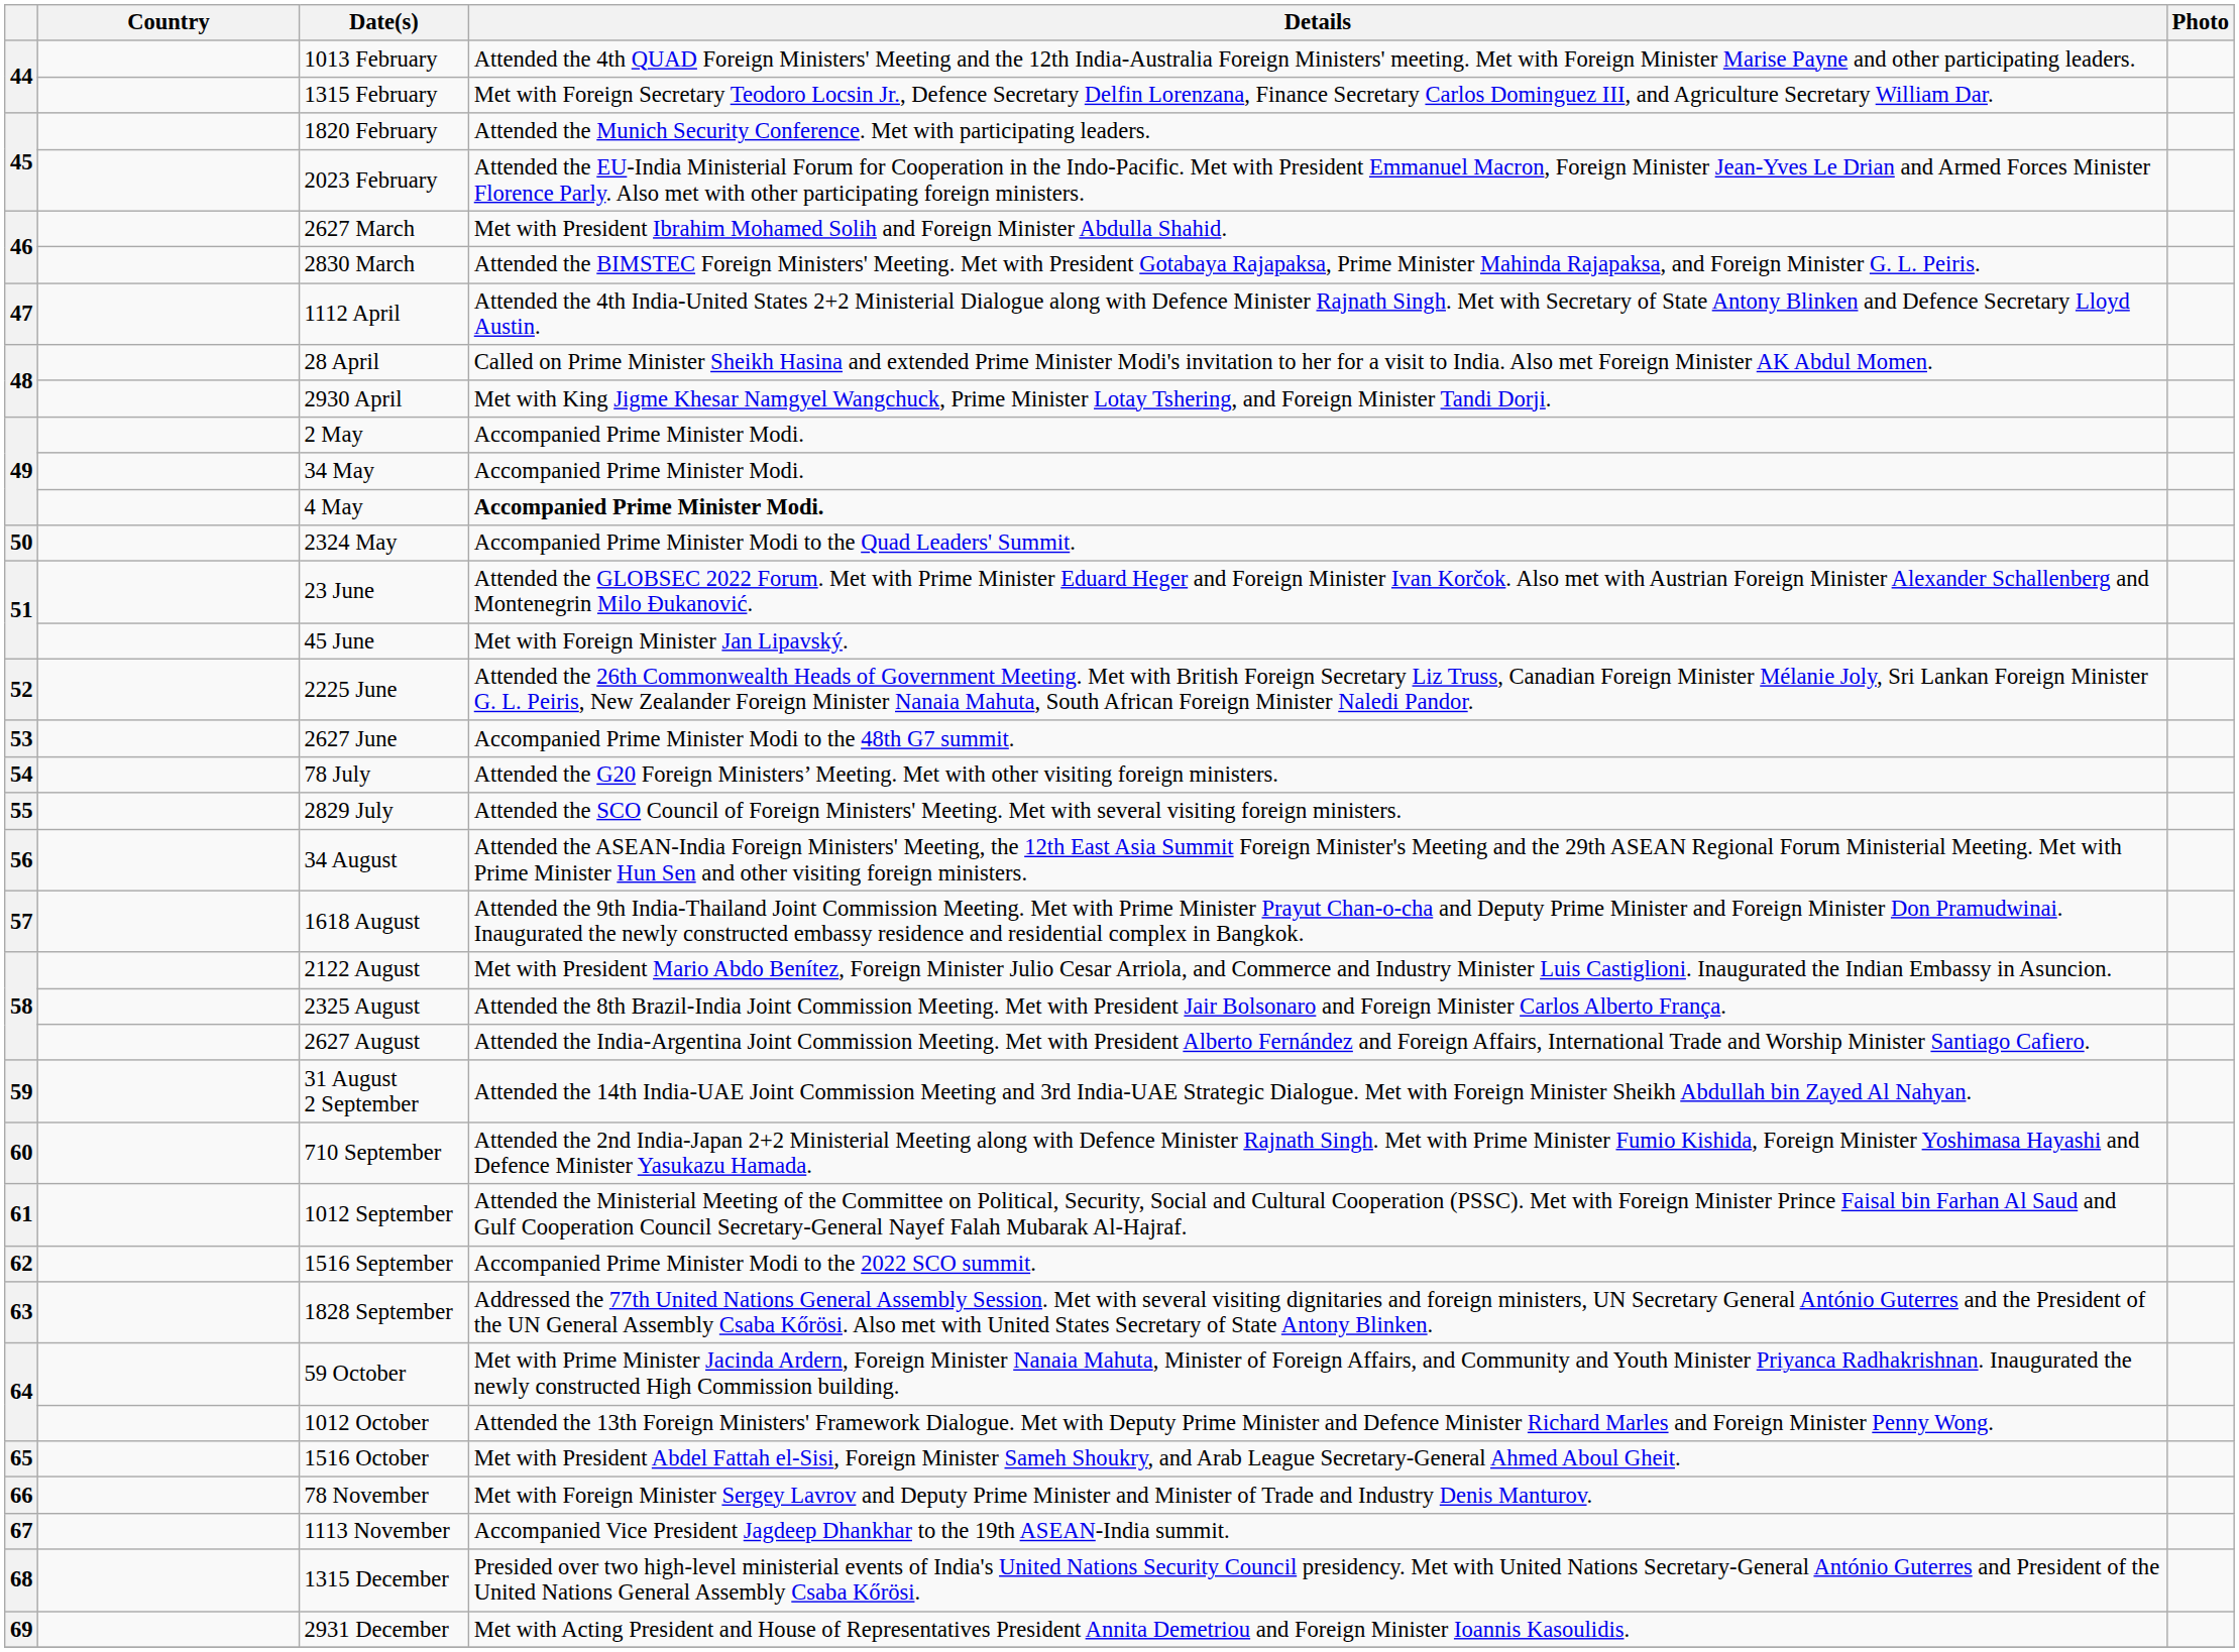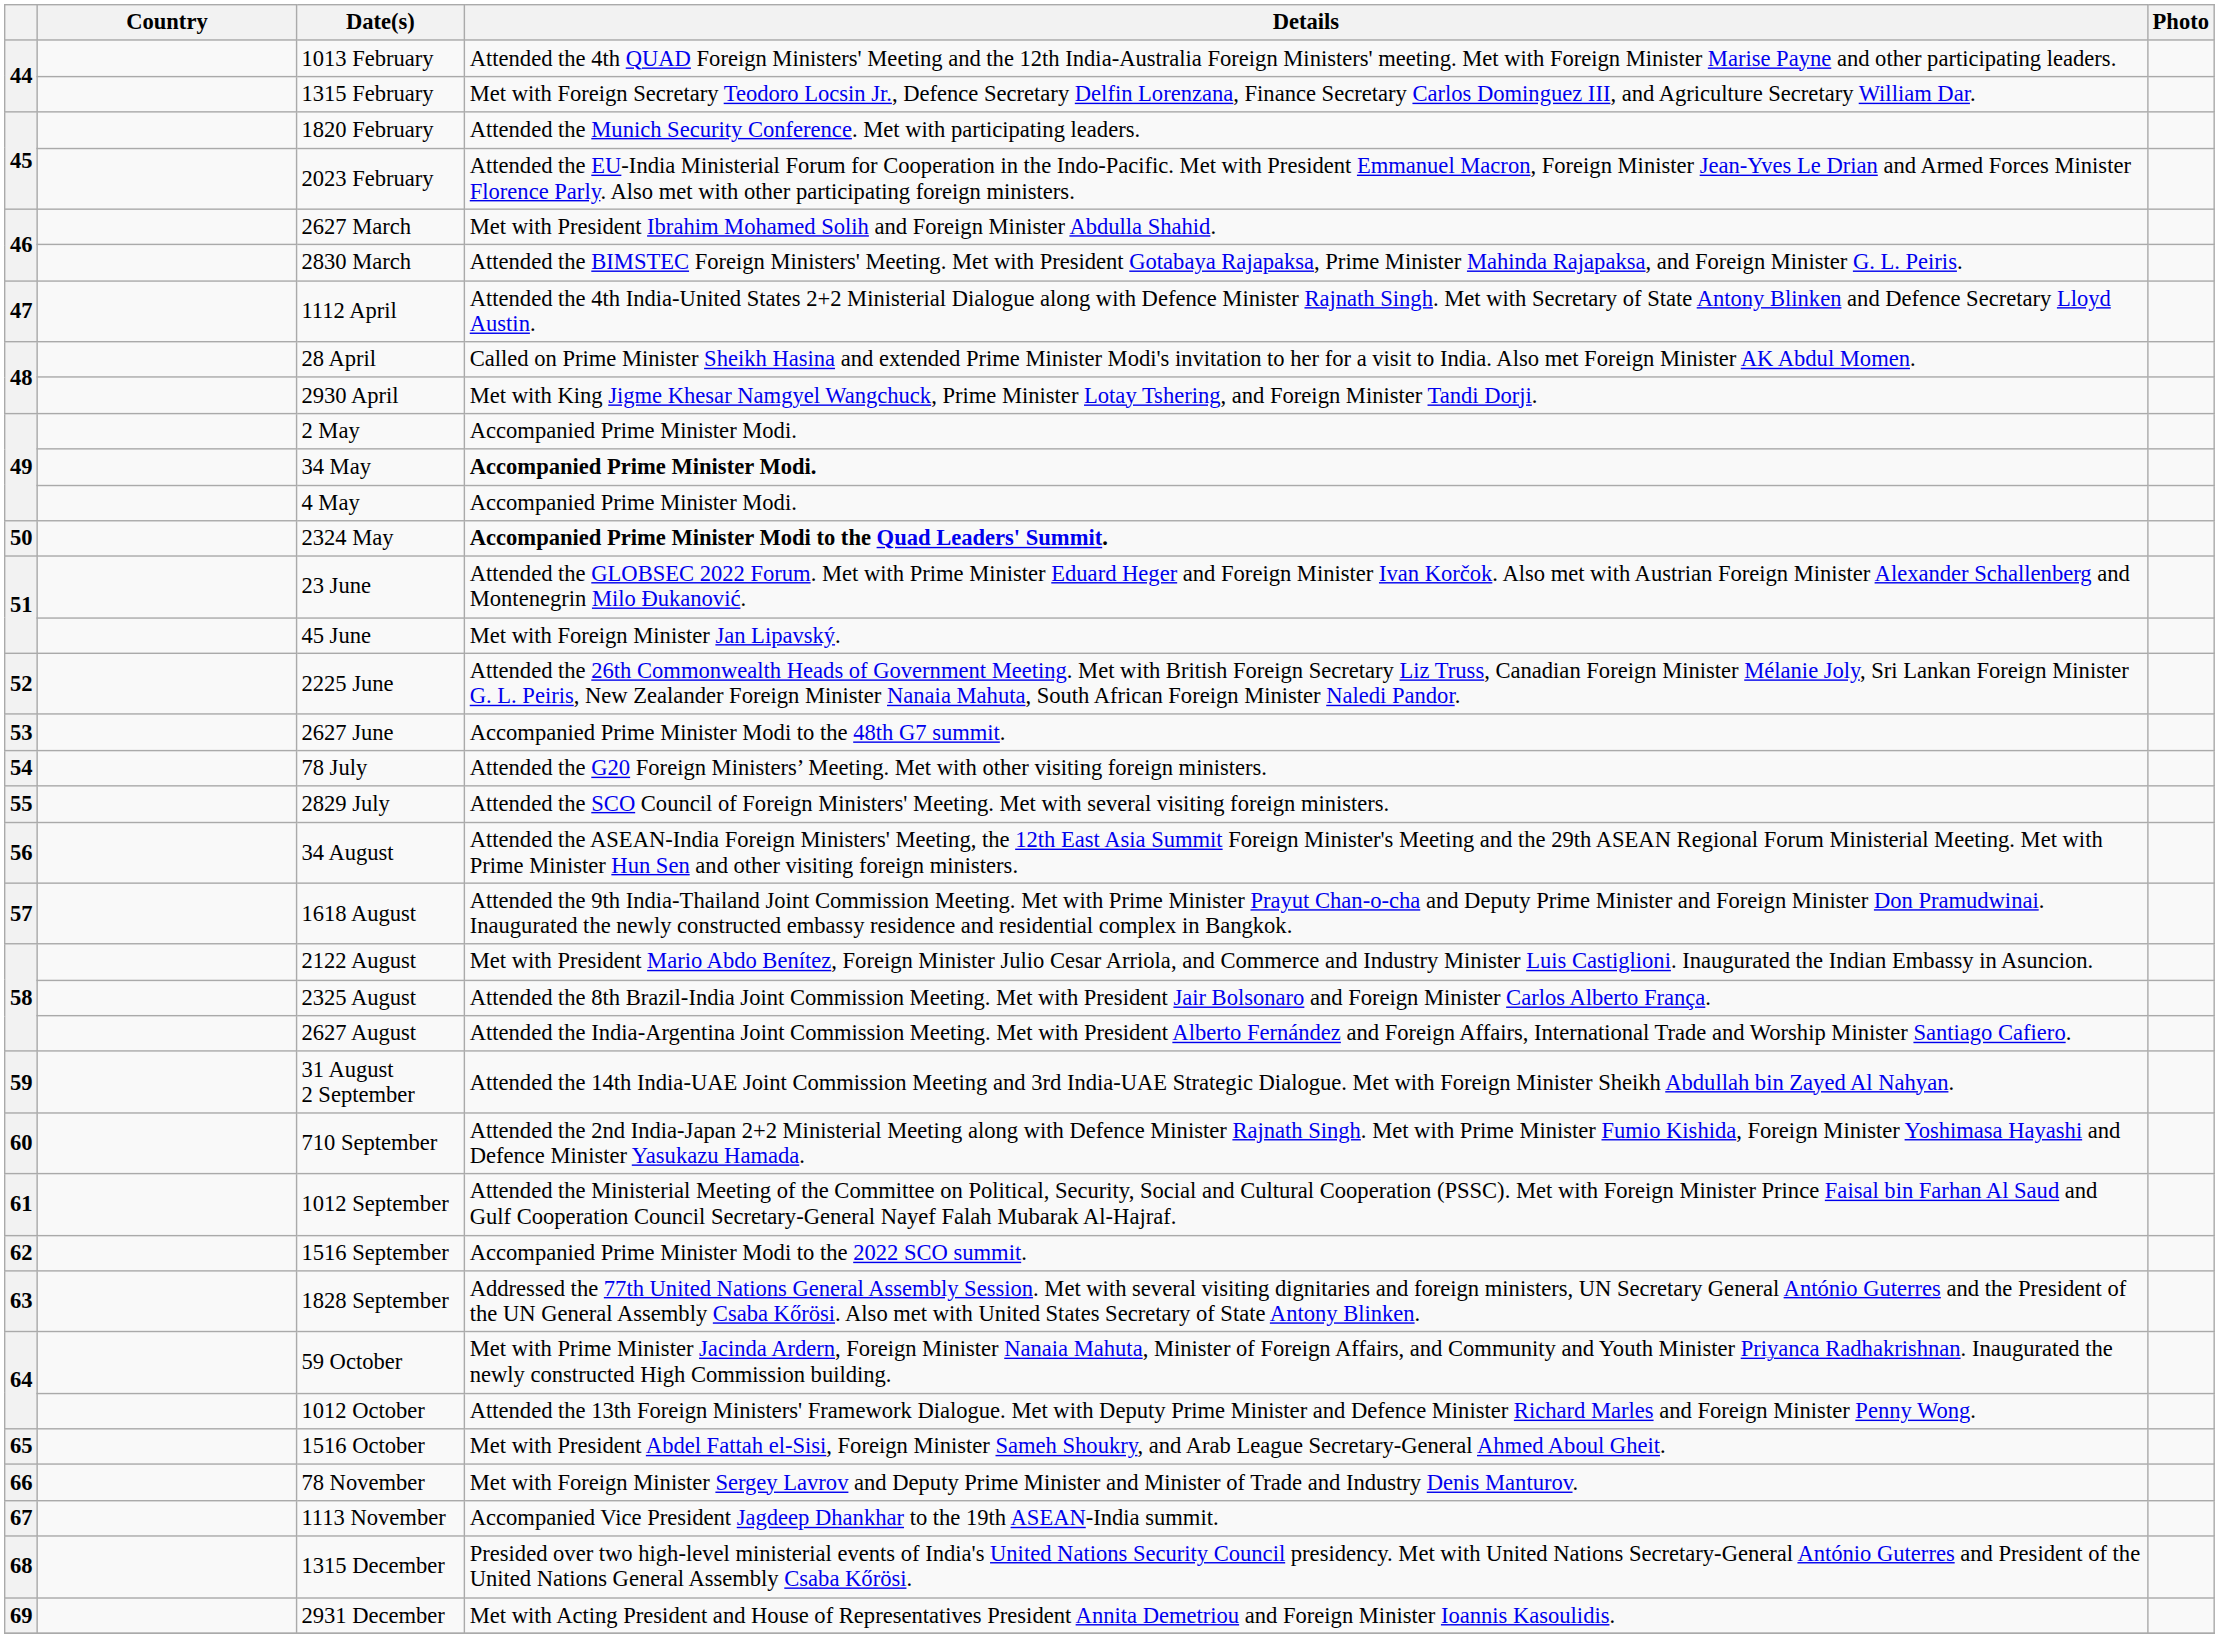 <table class="wikitable outercollapse sortable">
 <tr>
 <th></th>
 <th style="width:11em">Country</th>
 <th style="width:7em">Date(s)</th>
 <th class="unsortable">Details</th>
 <th>Photo</th>
 </tr>
 <tr>
 <th rowspan="2">44</th>
 <td></td>
 <td>1013 February</td>
 <td>Attended the 4th <a href='#'>QUAD</a> Foreign Ministers' Meeting and the 12th India-Australia Foreign Ministers' meeting. Met with Foreign Minister <a href='#'>Marise Payne</a> and other participating leaders.</td>
 <td></td>
 </tr>
 <tr>
 <td></td>
 <td>1315 February</td>
 <td>Met with Foreign Secretary <a href='#'>Teodoro Locsin Jr.</a>, Defence Secretary <a href='#'>Delfin Lorenzana</a>, Finance Secretary <a href='#'>Carlos Dominguez III</a>, and Agriculture Secretary <a href='#'>William Dar</a>.</td>
 <td></td>
 </tr>
 <tr>
 <th rowspan="2">45</th>
 <td></td>
 <td>1820 February</td>
 <td>Attended the <a href='#'>Munich Security Conference</a>. Met with participating leaders.</td>
 <td></td>
 </tr>
 <tr>
 <td></td>
 <td>2023 February</td>
 <td>Attended the <a href='#'>EU</a>-India Ministerial Forum for Cooperation in the Indo-Pacific. Met with President <a href='#'>Emmanuel Macron</a>, Foreign Minister <a href='#'>Jean-Yves Le Drian</a> and Armed Forces Minister <a href='#'>Florence Parly</a>. Also met with other participating foreign ministers.</td>
 <td></td>
 </tr>
 <tr>
 <th rowspan="2">46</th>
 <td></td>
 <td>2627 March</td>
 <td>Met with President <a href='#'>Ibrahim Mohamed Solih</a> and Foreign Minister <a href='#'>Abdulla Shahid</a>.</td>
 <td></td>
 </tr>
 <tr>
 <td></td>
 <td>2830 March</td>
 <td>Attended the <a href='#'>BIMSTEC</a> Foreign Ministers' Meeting. Met with President <a href='#'>Gotabaya Rajapaksa</a>, Prime Minister <a href='#'>Mahinda Rajapaksa</a>, and Foreign Minister <a href='#'>G. L. Peiris</a>.</td>
 <td></td>
 </tr>
 <tr>
 <th>47</th>
 <td></td>
 <td>1112 April</td>
 <td>Attended the 4th India-United States 2+2 Ministerial Dialogue along with Defence Minister <a href='#'>Rajnath Singh</a>. Met with Secretary of State <a href='#'>Antony Blinken</a> and Defence Secretary <a href='#'>Lloyd Austin</a>.</td>
 <td></td>
 </tr>
 <tr>
 <th rowspan="2">48</th>
 <td></td>
 <td>28 April</td>
 <td>Called on Prime Minister <a href='#'>Sheikh Hasina</a> and extended Prime Minister Modi's invitation to her for a visit to India. Also met Foreign Minister <a href='#'>AK Abdul Momen</a>.</td>
 <td></td>
 </tr>
 <tr>
 <td></td>
 <td>2930 April</td>
 <td>Met with King <a href='#'>Jigme Khesar Namgyel Wangchuck</a>, Prime Minister <a href='#'>Lotay Tshering</a>, and Foreign Minister <a href='#'>Tandi Dorji</a>.</td>
 <td></td>
 </tr>
 <tr>
 <th rowspan="3">49</th>
 <td></td>
 <td>2 May</td>
 <td>Accompanied Prime Minister Modi.</td>
 <td></td>
 </tr>
 <tr>
 <td></td>
 <td>34 May</td>
-<td>Accompanied Prime Minister Modi.</td>
+<td><strong>Accompanied Prime Minister Modi.</strong></td>
 <td></td>
 </tr>
 <tr>
 <td></td>
 <td>4 May</td>
-<td><strong>Accompanied Prime Minister Modi.</strong></td>
+<td>Accompanied Prime Minister Modi.</td>
 <td></td>
 </tr>
 <tr>
 <th>50</th>
 <td></td>
 <td>2324 May</td>
-<td>Accompanied Prime Minister Modi to the <a href='#'>Quad Leaders' Summit</a>.</td>
+<td><strong>Accompanied Prime Minister Modi to the <a href='#'>Quad Leaders' Summit</a>.</strong></td>
 <td></td>
 </tr>
 <tr>
 <th rowspan="2">51</th>
 <td></td>
 <td>23 June</td>
 <td>Attended the <a href='#'>GLOBSEC 2022 Forum</a>. Met with Prime Minister <a href='#'>Eduard Heger</a> and Foreign Minister <a href='#'>Ivan Korčok</a>. Also met with Austrian Foreign Minister <a href='#'>Alexander Schallenberg</a> and Montenegrin <a href='#'>Milo Đukanović</a>.</td>
 <td></td>
 </tr>
 <tr>
 <td></td>
 <td>45 June</td>
 <td>Met with Foreign Minister <a href='#'>Jan Lipavský</a>.</td>
 <td></td>
 </tr>
 <tr>
 <th>52</th>
 <td></td>
 <td>2225 June</td>
 <td>Attended the <a href='#'>26th Commonwealth Heads of Government Meeting</a>. Met with British Foreign Secretary <a href='#'>Liz Truss</a>, Canadian Foreign Minister <a href='#'>Mélanie Joly</a>, Sri Lankan Foreign Minister <a href='#'>G. L. Peiris</a>, New Zealander Foreign Minister <a href='#'>Nanaia Mahuta</a>, South African Foreign Minister <a href='#'>Naledi Pandor</a>.</td>
 <td></td>
 </tr>
 <tr>
 <th>53</th>
 <td></td>
 <td>2627 June</td>
 <td>Accompanied Prime Minister Modi to the <a href='#'>48th G7 summit</a>.</td>
 <td></td>
 </tr>
 <tr>
 <th>54</th>
 <td></td>
 <td>78 July</td>
 <td>Attended the <a href='#'>G20</a> Foreign Ministers’ Meeting. Met with other visiting foreign ministers.</td>
 <td></td>
 </tr>
 <tr>
 <th>55</th>
 <td></td>
 <td>2829 July</td>
 <td>Attended the <a href='#'>SCO</a> Council of Foreign Ministers' Meeting. Met with several visiting foreign ministers.</td>
 <td></td>
 </tr>
 <tr>
 <th>56</th>
 <td></td>
 <td>34 August</td>
 <td>Attended the ASEAN-India Foreign Ministers' Meeting, the <a href='#'>12th East Asia Summit</a> Foreign Minister's Meeting and the 29th ASEAN Regional Forum Ministerial Meeting. Met with Prime Minister <a href='#'>Hun Sen</a> and other visiting foreign ministers.</td>
 <td></td>
 </tr>
 <tr>
 <th>57</th>
 <td></td>
 <td>1618 August</td>
 <td>Attended the 9th India-Thailand Joint Commission Meeting. Met with Prime Minister <a href='#'>Prayut Chan-o-cha</a> and Deputy Prime Minister and Foreign Minister <a href='#'>Don Pramudwinai</a>. Inaugurated the newly constructed embassy residence and residential complex in Bangkok.</td>
 <td></td>
 </tr>
 <tr>
 <th rowspan="3">58</th>
 <td></td>
 <td>2122 August</td>
 <td>Met with President <a href='#'>Mario Abdo Benítez</a>, Foreign Minister Julio Cesar Arriola, and Commerce and Industry Minister <a href='#'>Luis Castiglioni</a>. Inaugurated the Indian Embassy in Asuncion.</td>
 <td></td>
 </tr>
 <tr>
 <td></td>
 <td>2325 August</td>
 <td>Attended the 8th Brazil-India Joint Commission Meeting. Met with President <a href='#'>Jair Bolsonaro</a> and Foreign Minister <a href='#'>Carlos Alberto França</a>.</td>
 <td></td>
 </tr>
 <tr>
 <td></td>
 <td>2627 August</td>
 <td>Attended the India-Argentina Joint Commission Meeting. Met with President <a href='#'>Alberto Fernández</a> and Foreign Affairs, International Trade and Worship Minister <a href='#'>Santiago Cafiero</a>.</td>
 <td></td>
 </tr>
 <tr>
 <th>59</th>
 <td></td>
 <td>31 August<br>2 September</td>
 <td>Attended the 14th India-UAE Joint Commission Meeting and 3rd India-UAE Strategic Dialogue. Met with Foreign Minister Sheikh <a href='#'>Abdullah bin Zayed Al Nahyan</a>.</td>
 <td></td>
 </tr>
 <tr>
 <th>60</th>
 <td></td>
 <td>710 September</td>
 <td>Attended the 2nd India-Japan 2+2 Ministerial Meeting along with Defence Minister <a href='#'>Rajnath Singh</a>. Met with Prime Minister <a href='#'>Fumio Kishida</a>, Foreign Minister <a href='#'>Yoshimasa Hayashi</a> and Defence Minister <a href='#'>Yasukazu Hamada</a>.</td>
 <td></td>
 </tr>
 <tr>
 <th>61</th>
 <td></td>
 <td>1012 September</td>
 <td>Attended the Ministerial Meeting of the Committee on Political, Security, Social and Cultural Cooperation (PSSC). Met with Foreign Minister Prince <a href='#'>Faisal bin Farhan Al Saud</a> and Gulf Cooperation Council Secretary-General Nayef Falah Mubarak Al-Hajraf.</td>
 <td></td>
 </tr>
 <tr>
 <th>62</th>
 <td></td>
 <td>1516 September</td>
 <td>Accompanied Prime Minister Modi to the <a href='#'>2022 SCO summit</a>.</td>
 <td></td>
 </tr>
 <tr>
 <th>63</th>
 <td><br></td>
 <td>1828 September</td>
 <td>Addressed the <a href='#'>77th United Nations General Assembly Session</a>. Met with several visiting dignitaries and foreign ministers, UN Secretary General <a href='#'>António Guterres</a> and the President of the UN General Assembly <a href='#'>Csaba Kőrösi</a>. Also met with United States Secretary of State <a href='#'>Antony Blinken</a>.</td>
 <td></td>
 </tr>
 <tr>
 <th rowspan="2">64</th>
 <td></td>
 <td>59 October</td>
 <td>Met with Prime Minister <a href='#'>Jacinda Ardern</a>, Foreign Minister <a href='#'>Nanaia Mahuta</a>, Minister of Foreign Affairs, and Community and Youth Minister <a href='#'>Priyanca Radhakrishnan</a>. Inaugurated the newly constructed High Commission building.</td>
 <td></td>
 </tr>
 <tr>
 <td></td>
 <td>1012 October</td>
 <td>Attended the 13th Foreign Ministers' Framework Dialogue. Met with Deputy Prime Minister and Defence Minister <a href='#'>Richard Marles</a> and Foreign Minister <a href='#'>Penny Wong</a>.</td>
 <td></td>
 </tr>
 <tr>
 <th>65</th>
 <td></td>
 <td>1516 October</td>
 <td>Met with President <a href='#'>Abdel Fattah el-Sisi</a>, Foreign Minister <a href='#'>Sameh Shoukry</a>, and Arab League Secretary-General <a href='#'>Ahmed Aboul Gheit</a>.</td>
 <td></td>
 </tr>
 <tr>
 <th>66</th>
 <td></td>
 <td>78 November</td>
 <td>Met with Foreign Minister <a href='#'>Sergey Lavrov</a> and Deputy Prime Minister and Minister of Trade and Industry <a href='#'>Denis Manturov</a>.</td>
 <td></td>
 </tr>
 <tr>
 <th>67</th>
 <td></td>
 <td>1113 November</td>
 <td>Accompanied Vice President <a href='#'>Jagdeep Dhankhar</a> to the 19th <a href='#'>ASEAN</a>-India summit.</td>
 <td></td>
 </tr>
 <tr>
 <th>68</th>
 <td></td>
 <td>1315 December</td>
 <td>Presided over two high-level ministerial events of India's <a href='#'>United Nations Security Council</a> presidency. Met with United Nations Secretary-General <a href='#'>António Guterres</a> and President of the United Nations General Assembly <a href='#'>Csaba Kőrösi</a>.</td>
 <td></td>
 </tr>
 <tr>
 <th>69</th>
 <td></td>
 <td>2931 December</td>
 <td>Met with Acting President and House of Representatives President <a href='#'>Annita Demetriou</a> and Foreign Minister <a href='#'>Ioannis Kasoulidis</a>.</td>
 <td></td>
 </tr>
 <tr>
 </tr>
 </table>
